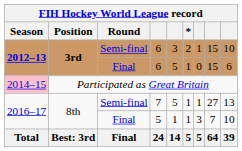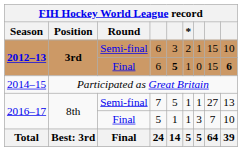 <table class="wikitable" style="text-align: center;">
 <tr>
 <th colspan=9><a href='#'>FIH Hockey World League</a> record</th>
 </tr>
 <tr>
 <th>Season</th>
 <th>Position</th>
 <th>Round</th>
 <th></th>
 <th></th>
 <th> *</th>
 <th></th>
 <th></th>
 <th></th>
 </tr>
 <tr bgcolor=cc9966>
 <td rowspan=2><strong><a href='#'>2012–13</a></strong></td>
 <td rowspan=2><strong>3rd</strong></td>
 <td><a href='#'>Semi-final</a></td>
 <td>6</td>
 <td>3</td>
 <td>2</td>
 <td>1</td>
 <td>15</td>
 <td>10</td>
 </tr>
 <tr bgcolor=cc9966>
 <td><a href='#'>Final</a></td>
 <td>6</td>
-<td>5</td>
+<td><strong>5</strong></td>
 <td>1</td>
 <td>0</td>
 <td>15</td>
-<td>6</td>
+<td><strong>6</strong></td>
 </tr>
 <tr>
-<td style="background: pink;"><a href='#'>2014–15</a></td>
+<td><a href='#'>2014–15</a></td>
 <td colspan=8><em>Participated as <a href='#'>Great Britain</a></em></td>
 </tr>
 <tr>
 <td rowspan=2><a href='#'>2016–17</a></td>
 <td rowspan=2>8th</td>
 <td><a href='#'>Semi-final</a></td>
 <td>7</td>
 <td>5</td>
 <td>1</td>
 <td>1</td>
 <td>27</td>
 <td>13</td>
 </tr>
 <tr>
 <td><a href='#'>Final</a></td>
 <td>5</td>
 <td>1</td>
 <td>1</td>
 <td>3</td>
 <td>7</td>
 <td>10</td>
 </tr>
 <tr>
 <th>Total</th>
 <th>Best: 3rd</th>
 <th>Final</th>
 <th>24</th>
 <th>14</th>
 <th>5</th>
 <th>5</th>
 <th>64</th>
 <th>39</th>
 </tr>
 </table>
